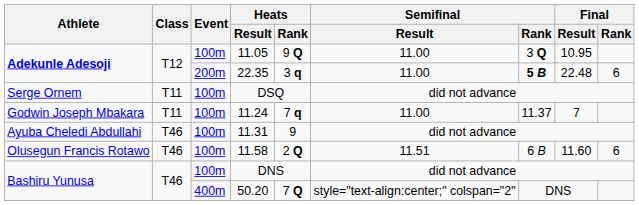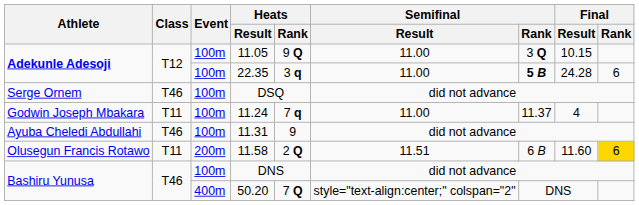 <table class=wikitable style="font-size:90%">
 <tr>
 <th rowspan="2">Athlete</th>
 <th rowspan="2">Class</th>
 <th rowspan="2">Event</th>
 <th colspan="2">Heats</th>
 <th colspan="2">Semifinal</th>
 <th colspan="3">Final</th>
 </tr>
 <tr>
 <th>Result</th>
 <th>Rank</th>
 <th>Result</th>
 <th>Rank</th>
 <th>Result</th>
 <th>Rank</th>
 </tr>
 <tr>
 <td rowspan="2"><strong><a href='#'>Adekunle Adesoji</a></strong></td>
 <td rowspan="2" style="text-align:center;">T12</td>
 <td><a href='#'>100m</a></td>
 <td style="text-align:center;">11.05</td>
 <td style="text-align:center;">9 <strong>Q</strong></td>
 <td style="text-align:center;">11.00</td>
 <td style="text-align:center;">3 <strong>Q</strong></td>
-<td style="text-align:center;">10.95</td>
+<td style="text-align:center;">10.15</td>
 <td style="text-align:center;"></td>
 </tr>
 <tr>
-<td><a href='#'>200m</a></td>
+<td><a href='#'>100m</a></td>
 <td style="text-align:center;">22.35</td>
 <td style="text-align:center;">3 <strong>q</strong></td>
 <td style="text-align:center;">11.00</td>
 <td style="text-align:center;"><strong>5 <em>B</em></strong></td>
-<td style="text-align:center;">22.48</td>
+<td style="text-align:center;">24.28</td>
 <td style="text-align:center;">6</td>
 </tr>
 <tr>
 <td><a href='#'>Serge Ornem</a></td>
-<td style="text-align:center;">T11</td>
+<td style="text-align:center;">T46</td>
 <td><a href='#'>100m</a></td>
 <td style="text-align:center;" colspan="2">DSQ</td>
 <td style="text-align:center;" colspan="4">did not advance</td>
 </tr>
 <tr>
 <td><a href='#'>Godwin Joseph Mbakara</a></td>
 <td style="text-align:center;">T11</td>
 <td><a href='#'>100m</a></td>
 <td style="text-align:center;">11.24</td>
 <td style="text-align:center;">7 <strong>q</strong></td>
 <td style="text-align:center;">11.00</td>
 <td style="text-align:center;">11.37</td>
-<td style="text-align:center;">7</td>
+<td style="text-align:center;">4</td>
 </tr>
 <tr>
 <td><a href='#'>Ayuba Cheledi Abdullahi</a></td>
 <td style="text-align:center;">T46</td>
 <td><a href='#'>100m</a></td>
 <td style="text-align:center;">11.31</td>
 <td style="text-align:center;">9</td>
 <td style="text-align:center;" colspan="4">did not advance</td>
 </tr>
 <tr>
 <td><a href='#'>Olusegun Francis Rotawo</a></td>
-<td style="text-align:center;">T46</td>
-<td><a href='#'>100m</a></td>
+<td style="text-align:center;">T11</td>
+<td><a href='#'>200m</a></td>
 <td style="text-align:center;">11.58</td>
 <td style="text-align:center;">2 <strong>Q</strong></td>
 <td style="text-align:center;">11.51</td>
 <td style="text-align:center;">6 <em>B</em></td>
 <td style="text-align:center;">11.60</td>
-<td style="text-align:center;">6</td>
+<td style="background: gold; text-align:center;">6</td>
 </tr>
 <tr>
 <td rowspan="2"><a href='#'>Bashiru Yunusa</a></td>
 <td rowspan="2" style="text-align:center;">T46</td>
 <td><a href='#'>100m</a></td>
 <td style="text-align:center;" colspan="2">DNS</td>
 <td style="text-align:center;" colspan="4">did not advance</td>
 </tr>
 <tr>
 <td><a href='#'>400m</a></td>
 <td style="text-align:center;">50.20</td>
 <td style="text-align:center;">7 <strong>Q</strong></td>
 <td>style="text-align:center;" colspan="2" </td>
 <td style="text-align:center;" colspan="2">DNS</td>
 </tr>
 </table>
